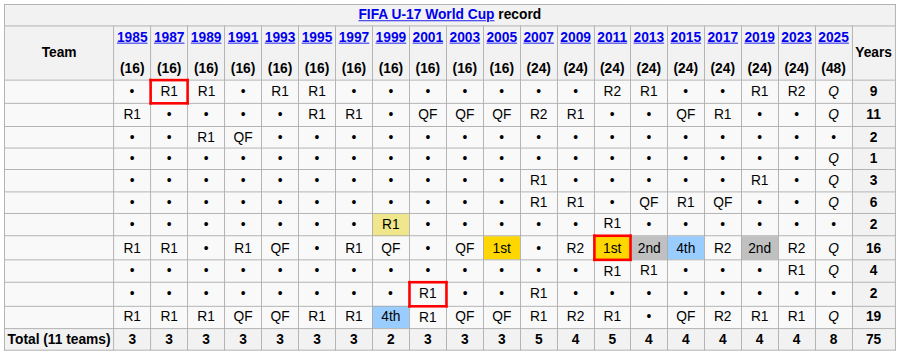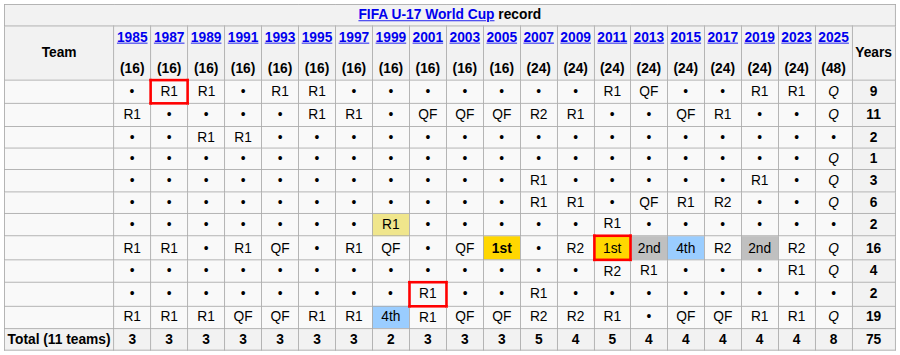 <table class="wikitable"  style="text-align:center;">
 <tr style="background:#cccccc;" align=center>
 <th colspan=22><a href='#'>FIFA U-17 World Cup</a> record</th>
 </tr>
 <tr>
 <th>Team</th>
 <th><a href='#'>1985</a><br><br>(16)</th>
 <th><a href='#'>1987</a><br><br>(16)</th>
 <th><a href='#'>1989</a><br><br>(16)</th>
 <th><a href='#'>1991</a><br><br>(16)</th>
 <th><a href='#'>1993</a><br><br>(16)</th>
 <th><a href='#'>1995</a><br><br>(16)</th>
 <th><a href='#'>1997</a><br><br>(16)</th>
 <th><a href='#'>1999</a><br><br>(16)</th>
 <th><a href='#'>2001</a><br><br>(16)</th>
 <th><a href='#'>2003</a><br><br>(16)</th>
 <th><a href='#'>2005</a><br><br>(16)</th>
 <th><a href='#'>2007</a><br><br>(24)</th>
 <th><a href='#'>2009</a><br><br>(24)</th>
 <th><a href='#'>2011</a><br><br>(24)</th>
 <th><a href='#'>2013</a><br><br>(24)</th>
 <th><a href='#'>2015</a><br><br>(24)</th>
 <th><a href='#'>2017</a><br><br>(24)</th>
 <th><a href='#'>2019</a><br><br>(24)</th>
 <th><a href='#'>2023</a><br><br>(24)</th>
 <th><a href='#'>2025</a><br><br>(48)</th>
 <th>Years</th>
 </tr>
 <tr align=center>
 <td align=left></td>
 <td>•</td>
 <td style="border: 3px solid red">R1</td>
 <td>R1</td>
 <td>•</td>
 <td>R1</td>
 <td>R1</td>
 <td>•</td>
 <td>•</td>
 <td>•</td>
 <td>•</td>
 <td>•</td>
 <td>•</td>
 <td>•</td>
-<td>R2</td>
 <td>R1</td>
+<td>QF</td>
 <td>•</td>
 <td>•</td>
 <td>R1</td>
-<td>R2</td>
+<td>R1</td>
 <td><em>Q</em></td>
 <th>9</th>
 </tr>
 <tr align=center>
 <td align=left></td>
 <td>R1</td>
 <td>•</td>
 <td>•</td>
 <td>•</td>
 <td>•</td>
 <td>R1</td>
 <td>R1</td>
 <td>•</td>
 <td>QF</td>
 <td>QF</td>
 <td>QF</td>
 <td>R2</td>
 <td>R1</td>
 <td>•</td>
 <td>•</td>
 <td>QF</td>
 <td>R1</td>
 <td>•</td>
 <td>•</td>
 <td><em>Q</em></td>
 <th>11</th>
 </tr>
 <tr align=center>
 <td align=left></td>
 <td>•</td>
 <td>•</td>
 <td>R1</td>
-<td>QF</td>
+<td>R1</td>
 <td>•</td>
 <td>•</td>
 <td>•</td>
 <td>•</td>
 <td>•</td>
 <td>•</td>
 <td>•</td>
 <td>•</td>
 <td>•</td>
 <td>•</td>
 <td>•</td>
 <td>•</td>
 <td>•</td>
 <td>•</td>
 <td>•</td>
 <td>•</td>
 <th>2</th>
 </tr>
 <tr align=center>
 <td align=left></td>
 <td>•</td>
 <td>•</td>
 <td>•</td>
 <td>•</td>
 <td>•</td>
 <td>•</td>
 <td>•</td>
 <td>•</td>
 <td>•</td>
 <td>•</td>
 <td>•</td>
 <td>•</td>
 <td>•</td>
 <td>•</td>
 <td>•</td>
 <td>•</td>
 <td>•</td>
 <td>•</td>
 <td>•</td>
 <td><em>Q</em></td>
 <th>1</th>
 </tr>
 <tr align=center>
 <td align=left></td>
 <td>•</td>
 <td>•</td>
 <td>•</td>
 <td>•</td>
 <td>•</td>
 <td>•</td>
 <td>•</td>
 <td>•</td>
 <td>•</td>
 <td>•</td>
 <td>•</td>
 <td>R1</td>
 <td>•</td>
 <td>•</td>
 <td>•</td>
 <td>•</td>
 <td>•</td>
 <td>R1</td>
 <td>•</td>
 <td><em>Q</em></td>
 <th>3</th>
 </tr>
 <tr align=center>
 <td align=left></td>
 <td>•</td>
 <td>•</td>
 <td>•</td>
 <td>•</td>
 <td>•</td>
 <td>•</td>
 <td>•</td>
 <td>•</td>
 <td>•</td>
 <td>•</td>
 <td>•</td>
 <td>R1</td>
 <td>R1</td>
 <td>•</td>
 <td>QF</td>
 <td>R1</td>
-<td>QF</td>
+<td>R2</td>
 <td>•</td>
 <td>•</td>
 <td><em>Q</em></td>
 <th>6</th>
 </tr>
 <tr align=center>
 <td align=left></td>
 <td>•</td>
 <td>•</td>
 <td>•</td>
 <td>•</td>
 <td>•</td>
 <td>•</td>
 <td>•</td>
 <td style="background: khaki;">R1</td>
 <td>•</td>
 <td>•</td>
 <td>•</td>
 <td>•</td>
 <td>•</td>
 <td>R1</td>
 <td>•</td>
 <td>•</td>
 <td>•</td>
 <td>•</td>
 <td>•</td>
 <td>•</td>
 <th>2</th>
 </tr>
 <tr align=center>
 <td align=left></td>
 <td>R1</td>
 <td>R1</td>
 <td>•</td>
 <td>R1</td>
 <td>QF</td>
 <td>•</td>
 <td>R1</td>
 <td>QF</td>
 <td>•</td>
 <td>QF</td>
-<td bgcolor=gold>1st</td>
+<td bgcolor=gold><strong>1st</strong></td>
 <td>•</td>
 <td>R2</td>
 <td style="border: 3px solid red" bgcolor=gold>1st</td>
 <td bgcolor=silver>2nd</td>
 <td bgcolor=#9acdff>4th</td>
 <td>R2</td>
 <td bgcolor=silver>2nd</td>
 <td>R2</td>
 <td><em>Q</em></td>
 <th>16</th>
 </tr>
 <tr align=center>
 <td align=left></td>
 <td>•</td>
 <td>•</td>
 <td>•</td>
 <td>•</td>
 <td>•</td>
 <td>•</td>
 <td>•</td>
 <td>•</td>
 <td>•</td>
 <td>•</td>
 <td>•</td>
 <td>•</td>
 <td>•</td>
-<td>R1</td>
+<td>R2</td>
 <td>R1</td>
 <td>•</td>
 <td>•</td>
 <td>•</td>
 <td>R1</td>
 <td><em>Q</em></td>
 <th>4</th>
 </tr>
 <tr align=center>
 <td align=left></td>
 <td>•</td>
 <td>•</td>
 <td>•</td>
 <td>•</td>
 <td>•</td>
 <td>•</td>
 <td>•</td>
 <td>•</td>
 <td style="border: 3px solid red">R1</td>
 <td>•</td>
 <td>•</td>
 <td>R1</td>
 <td>•</td>
 <td>•</td>
 <td>•</td>
 <td>•</td>
 <td>•</td>
 <td>•</td>
 <td>•</td>
 <td>•</td>
 <th>2</th>
 </tr>
 <tr align=center>
 <td align=left></td>
 <td>R1</td>
 <td>R1</td>
 <td>R1</td>
 <td>QF</td>
 <td>QF</td>
 <td>R1</td>
 <td>R1</td>
 <td bgcolor=#9acdff>4th</td>
 <td>R1</td>
 <td>QF</td>
 <td>QF</td>
-<td>R1</td>
+<td>R2</td>
 <td>R2</td>
 <td>R1</td>
 <td>•</td>
 <td>QF</td>
-<td>R2</td>
+<td>QF</td>
 <td>R1</td>
 <td>R1</td>
 <td><em>Q</em></td>
 <th>19</th>
 </tr>
 <tr>
 <th align=left><strong>Total (11 teams)</strong></th>
 <th><strong>3</strong></th>
 <th><strong>3</strong></th>
 <th><strong>3</strong></th>
 <th><strong>3</strong></th>
 <th><strong>3</strong></th>
 <th><strong>3</strong></th>
 <th><strong>3</strong></th>
 <th><strong>2</strong></th>
 <th><strong>3</strong></th>
 <th><strong>3</strong></th>
 <th><strong>3</strong></th>
 <th><strong>5</strong></th>
 <th><strong>4</strong></th>
 <th><strong>5</strong></th>
 <th><strong>4</strong></th>
 <th><strong>4</strong></th>
 <th><strong>4</strong></th>
 <th><strong>4</strong></th>
 <th><strong>4</strong></th>
 <th><strong>8</strong></th>
 <th>75</th>
 </tr>
 </table>
